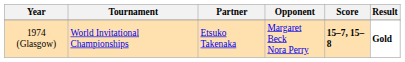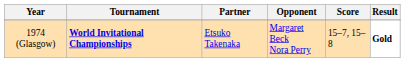 <table class="sortable wikitable" style="font-size:90%;">
 <tr>
 <th>Year</th>
 <th>Tournament</th>
 <th>Partner</th>
 <th>Opponent</th>
 <th>Score</th>
 <th>Result</th>
 </tr>
 <tr>
 </tr>
 <tr style="background:#FFE0AF">
 <td align="center">1974 (Glasgow)</td>
-<td align="left"><a href='#'>World Invitational Championships</a></td>
+<td align="left"><strong><a href='#'>World Invitational Championships</a></strong></td>
 <td align="left"> <a href='#'>Etsuko Takenaka</a></td>
 <td align="left"> <a href='#'>Margaret Beck</a> <br>  <a href='#'>Nora Perry</a></td>
-<td align="left"><strong>15–7, 15–8</strong></td>
+<td align="left">15–7, 15–8</td>
 <td style="text-align:left; background:white"> <strong>Gold</strong></td>
 </tr>
 </table>
